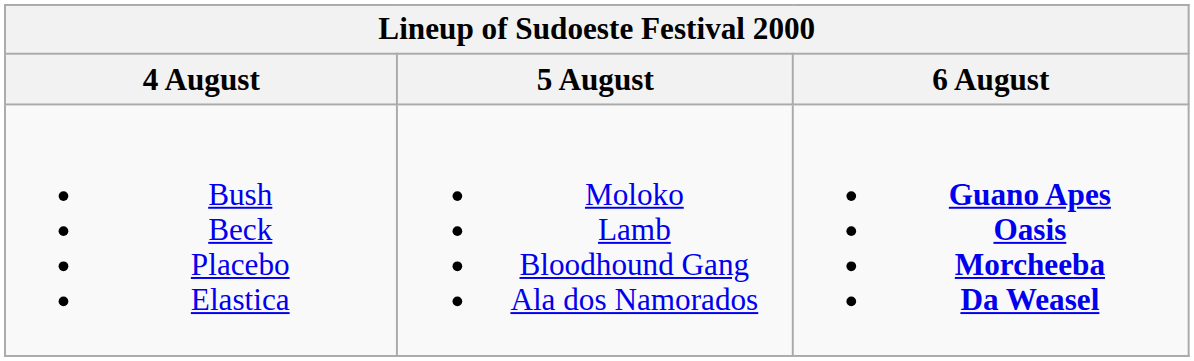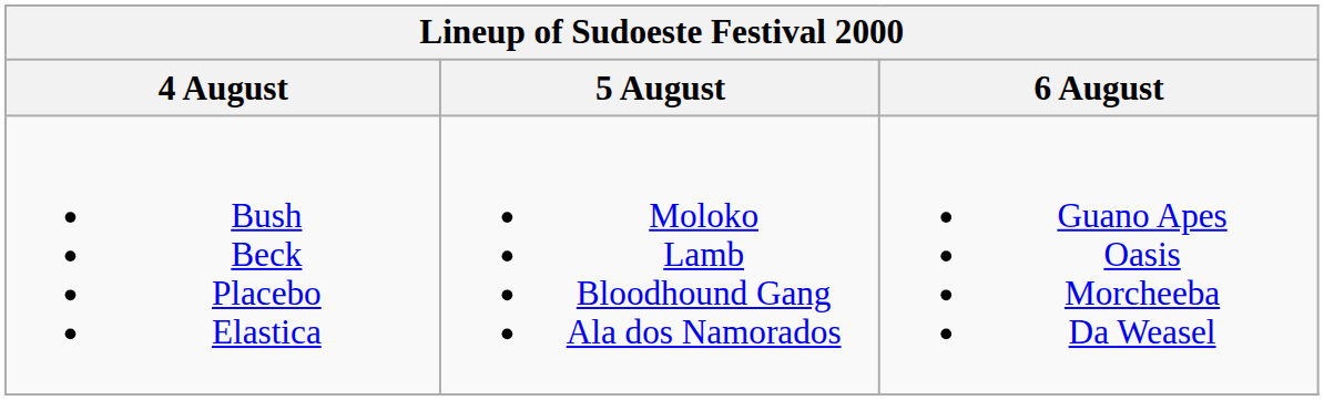 <table class="wikitable mw-collapsible">
 <tr>
 <th colspan="3">Lineup of Sudoeste Festival 2000</th>
 </tr>
 <tr>
 <th>4 August</th>
 <th>5 August</th>
 <th>6 August</th>
 </tr>
 <tr>
 <td width="200" align="center" valign="top"><br><ul><li><a href='#'>Bush</a></li><li><a href='#'>Beck</a></li><li><a href='#'>Placebo</a></li><li><a href='#'>Elastica</a></li></ul></td>
 <td width="200" align="center" valign="top"><br><ul><li><a href='#'>Moloko</a></li><li><a href='#'>Lamb</a></li><li><a href='#'>Bloodhound Gang</a></li><li><a href='#'>Ala dos Namorados</a></li></ul></td>
-<td width="200" align="center" valign="top"><strong><br><ul><li><a href='#'>Guano Apes</a></li><li><a href='#'>Oasis</a></li><li><a href='#'>Morcheeba</a></li><li><a href='#'>Da Weasel</a></li></ul></strong></td>
+<td width="200" align="center" valign="top"><br><ul><li><a href='#'>Guano Apes</a></li><li><a href='#'>Oasis</a></li><li><a href='#'>Morcheeba</a></li><li><a href='#'>Da Weasel</a></li></ul></td>
 </tr>
 </table>
